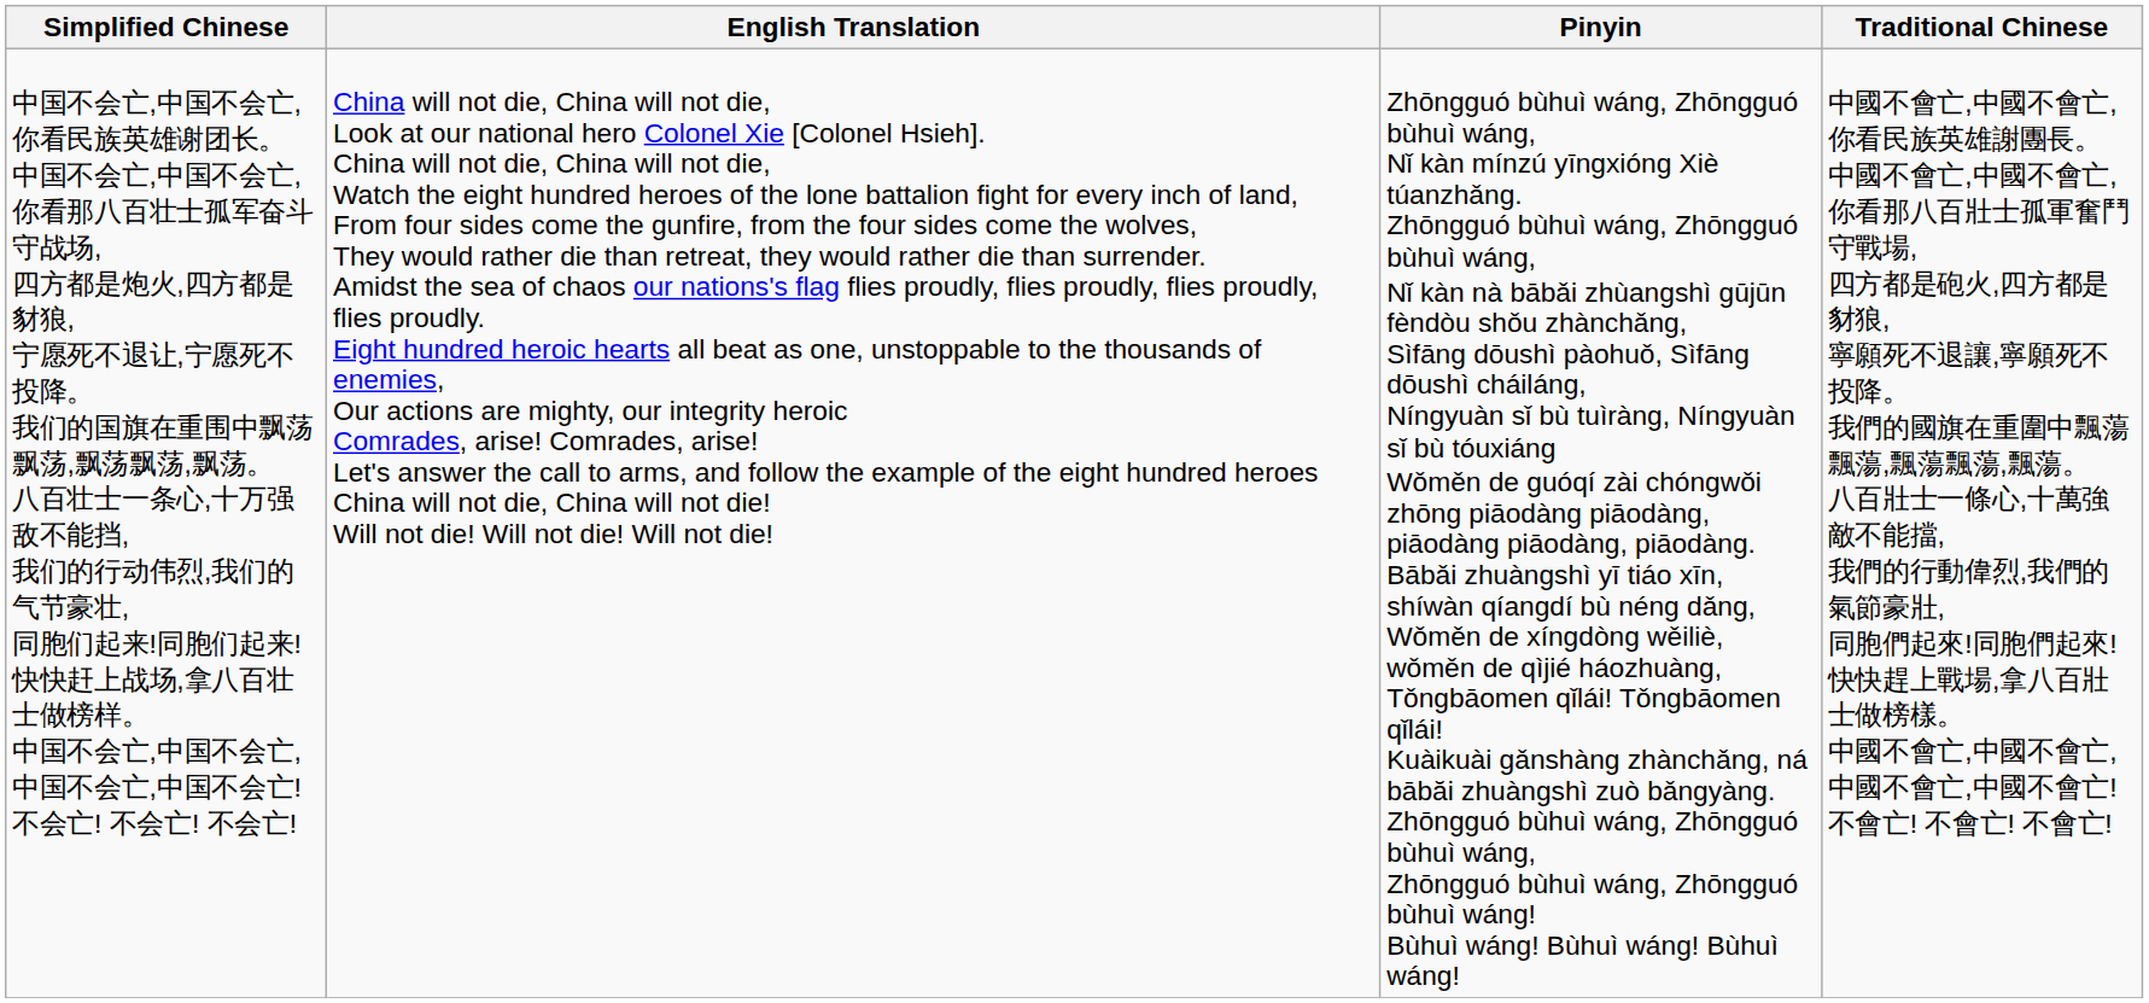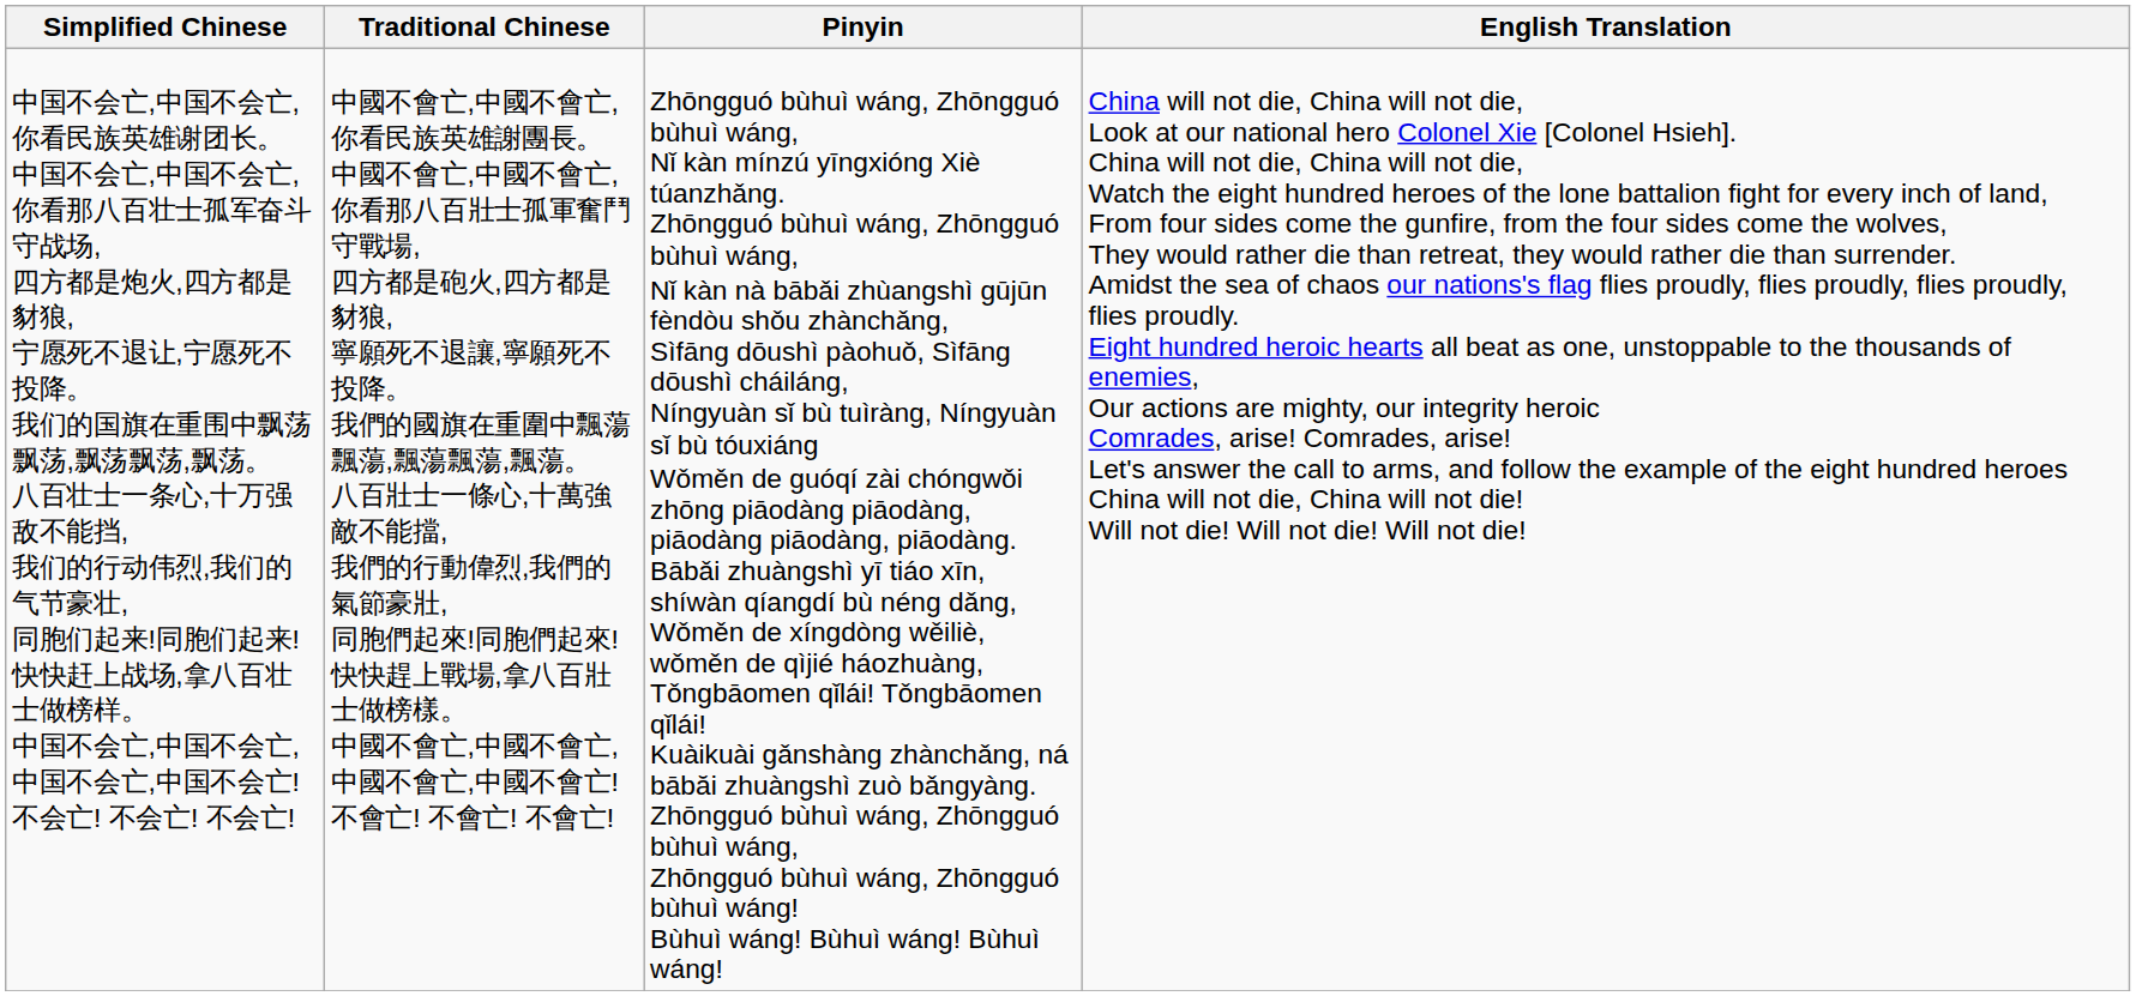 <table class="wikitable">
 <tr>
 <th width="180">Simplified Chinese</th>
+<th width="180">Traditional Chinese</th>
+<th width="250">Pinyin</th>
 <th>English Translation</th>
-<th width="250">Pinyin</th>
-<th width="180">Traditional Chinese</th>
 </tr>
 <tr valign="top">
 <td><br>中国不会亡,中国不会亡,<br> 你看民族英雄谢团长。<br> 中国不会亡,中国不会亡,<br> 你看那八百壮士孤军奋斗守战场,<br> 四方都是炮火,四方都是豺狼,<br> 宁愿死不退让,宁愿死不投降。<br> 我们的国旗在重围中飘荡飘荡,飘荡飘荡,飘荡。<br> 八百壮士一条心,十万强敌不能挡,<br> 我们的行动伟烈,我们的气节豪壮,<br> 同胞们起来!同胞们起来!<br> 快快赶上战场,拿八百壮士做榜样。<br> 中国不会亡,中国不会亡,<br> 中国不会亡,中国不会亡!<br> 不会亡! 不会亡! 不会亡!</td>
+<td><br>中國不會亡,中國不會亡,<br> 你看民族英雄謝團長。<br> 中國不會亡,中國不會亡,<br> 你看那八百壯士孤軍奮鬥守戰場,<br> 四方都是砲火,四方都是豺狼,<br> 寧願死不退讓,寧願死不投降。<br> 我們的國旗在重圍中飄蕩飄蕩,飄蕩飄蕩,飄蕩。<br> 八百壯士一條心,十萬強敵不能擋,<br> 我們的行動偉烈,我們的氣節豪壯,<br> 同胞們起來!同胞們起來!<br> 快快趕上戰場,拿八百壯士做榜樣。<br> 中國不會亡,中國不會亡,<br> 中國不會亡,中國不會亡!<br> 不會亡! 不會亡! 不會亡!</td>
+<td><br>Zhōngguó bùhuì wáng, Zhōngguó bùhuì wáng,<br> Nǐ kàn mínzú yīngxióng Xiè túanzhǎng.<br> Zhōngguó bùhuì wáng, Zhōngguó bùhuì wáng,　<br> Nǐ kàn nà bābǎi zhùangshì gūjūn fèndòu shǒu zhànchǎng,<br> Sìfāng dōushì pàohuǒ, Sìfāng dōushì cháiláng,<br> Níngyuàn sǐ bù tuìràng, Níngyuàn sǐ bù tóuxiáng　<br> Wǒměn de guóqí zài chóngwǒi zhōng piāodàng piāodàng, piāodàng piāodàng, piāodàng.<br> Bābǎi zhuàngshì yī tiáo xīn, shíwàn qíangdí bù néng dǎng,<br> Wǒměn de xíngdòng wěiliè, wǒměn de qìjié háozhuàng,<br> Tǒngbāomen qǐlái! Tǒngbāomen qǐlái!<br> Kuàikuài gǎnshàng zhànchǎng, ná bābăi zhuàngshì zuò bǎngyàng.<br> Zhōngguó bùhuì wáng, Zhōngguó bùhuì wáng,<br> Zhōngguó bùhuì wáng, Zhōngguó bùhuì wáng!<br> Bùhuì wáng! Bùhuì wáng! Bùhuì wáng!</td>
 <td><br><a href='#'>China</a> will not die, China will not die,<br> Look at our national hero <a href='#'>Colonel Xie</a> [Colonel Hsieh].<br> China will not die, China will not die,<br> Watch the eight hundred heroes of the lone battalion fight for every inch of land,<br> From four sides come the gunfire, from the four sides come the wolves,<br> They would rather die than retreat, they would rather die than surrender.<br> Amidst the sea of chaos <a href='#'>our nations's flag</a> flies proudly, flies proudly, flies proudly, flies proudly.<br> <a href='#'>Eight hundred heroic hearts</a> all beat as one, unstoppable to the thousands of <a href='#'>enemies</a>,<br> Our actions are mighty, our integrity heroic<br> <a href='#'>Comrades</a>, arise! Comrades, arise!<br> Let's answer the call to arms, and follow the example of the eight hundred heroes<br> China will not die, China will not die!<br> Will not die! Will not die! Will not die!</td>
-<td><br>Zhōngguó bùhuì wáng, Zhōngguó bùhuì wáng,<br> Nǐ kàn mínzú yīngxióng Xiè túanzhǎng.<br> Zhōngguó bùhuì wáng, Zhōngguó bùhuì wáng,　<br> Nǐ kàn nà bābǎi zhùangshì gūjūn fèndòu shǒu zhànchǎng,<br> Sìfāng dōushì pàohuǒ, Sìfāng dōushì cháiláng,<br> Níngyuàn sǐ bù tuìràng, Níngyuàn sǐ bù tóuxiáng　<br> Wǒměn de guóqí zài chóngwǒi zhōng piāodàng piāodàng, piāodàng piāodàng, piāodàng.<br> Bābǎi zhuàngshì yī tiáo xīn, shíwàn qíangdí bù néng dǎng,<br> Wǒměn de xíngdòng wěiliè, wǒměn de qìjié háozhuàng,<br> Tǒngbāomen qǐlái! Tǒngbāomen qǐlái!<br> Kuàikuài gǎnshàng zhànchǎng, ná bābăi zhuàngshì zuò bǎngyàng.<br> Zhōngguó bùhuì wáng, Zhōngguó bùhuì wáng,<br> Zhōngguó bùhuì wáng, Zhōngguó bùhuì wáng!<br> Bùhuì wáng! Bùhuì wáng! Bùhuì wáng!</td>
-<td><br>中國不會亡,中國不會亡,<br> 你看民族英雄謝團長。<br> 中國不會亡,中國不會亡,<br> 你看那八百壯士孤軍奮鬥守戰場,<br> 四方都是砲火,四方都是豺狼,<br> 寧願死不退讓,寧願死不投降。<br> 我們的國旗在重圍中飄蕩飄蕩,飄蕩飄蕩,飄蕩。<br> 八百壯士一條心,十萬強敵不能擋,<br> 我們的行動偉烈,我們的氣節豪壯,<br> 同胞們起來!同胞們起來!<br> 快快趕上戰場,拿八百壯士做榜樣。<br> 中國不會亡,中國不會亡,<br> 中國不會亡,中國不會亡!<br> 不會亡! 不會亡! 不會亡!</td>
 </tr>
 </table>
